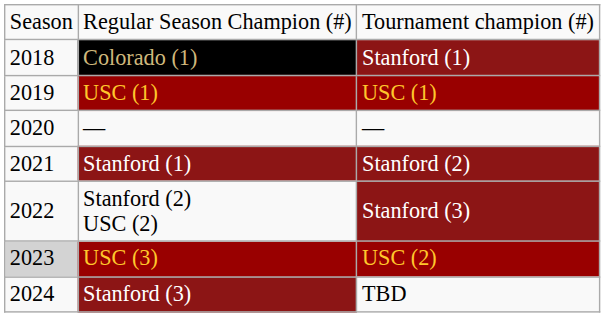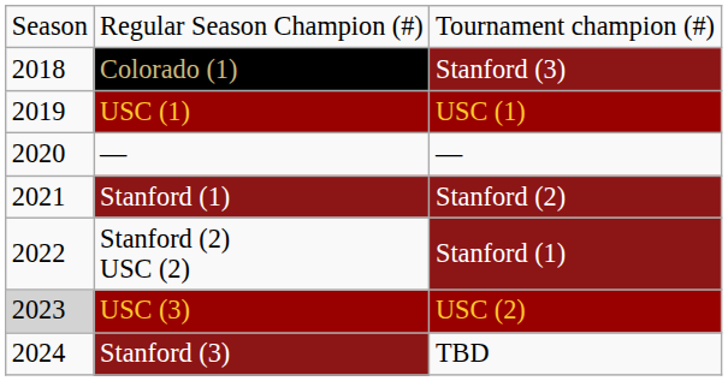 <table class="wikitable">
 <tr>
 <td>Season</td>
 <td>Regular Season Champion (#)</td>
 <td>Tournament champion (#)</td>
 </tr>
 <tr>
 <td>2018</td>
 <td style="background:#000000; color:#CFB87C;">Colorado (1)</td>
-<td style="background:#8C1515; color:#FFFFFF;">Stanford (1)</td>
+<td style="background:#8C1515; color:#FFFFFF;">Stanford (3)</td>
 </tr>
 <tr>
 <td>2019</td>
 <td style="background:#990000; color:#FFC72C;">USC (1)</td>
 <td style="background:#990000; color:#FFC72C;">USC (1)</td>
 </tr>
 <tr>
 <td>2020</td>
 <td>―</td>
 <td>―</td>
 </tr>
 <tr>
 <td>2021</td>
 <td style="background:#8C1515; color:#FFFFFF;">Stanford (1)</td>
 <td style="background:#8C1515; color:#FFFFFF;">Stanford (2)</td>
 </tr>
 <tr>
 <td>2022</td>
 <td>Stanford (2) <br> USC (2)</td>
-<td style="background:#8C1515; color:#FFFFFF;">Stanford (3)</td>
+<td style="background:#8C1515; color:#FFFFFF;">Stanford (1)</td>
 </tr>
 <tr>
 <td style="background: lightgrey;">2023</td>
 <td style="background:#990000; color:#FFC72C;">USC (3)</td>
 <td style="background:#990000; color:#FFC72C;">USC (2)</td>
 </tr>
 <tr>
 <td>2024</td>
 <td style="background:#8C1515; color:#FFFFFF;">Stanford (3)</td>
 <td>TBD</td>
 </tr>
 </table>
